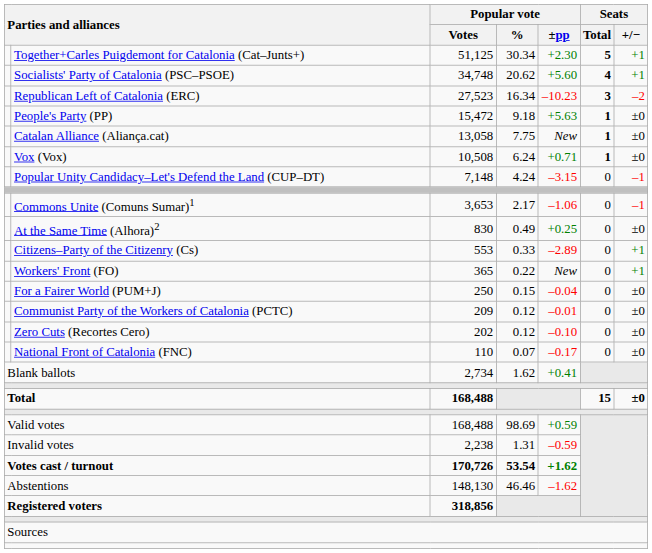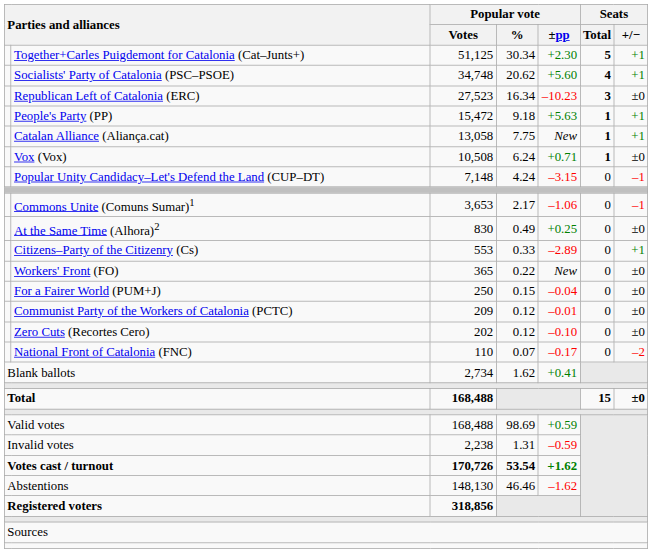 <table class="wikitable" style="text-align:right;">
 <tr>
 <th style="text-align:left;" rowspan="2" colspan="2" width="525">Parties and alliances</th>
 <th colspan="3">Popular vote</th>
 <th colspan="2">Seats</th>
 </tr>
 <tr>
 <th width="75">Votes</th>
 <th width="45">%</th>
 <th width="45">±<a href='#'>pp</a></th>
 <th width="35">Total</th>
 <th width="35">+/−</th>
 </tr>
 <tr>
 <td width="1" style="color:inherit;background:"></td>
 <td align="left"><a href='#'>Together+Carles Puigdemont for Catalonia</a> (Cat–Junts+)</td>
 <td>51,125</td>
 <td>30.34</td>
 <td style="color:green;">+2.30</td>
 <td><strong>5</strong></td>
 <td style="color:green;">+1</td>
 </tr>
 <tr>
 <td style="color:inherit;background:"></td>
 <td align="left"><a href='#'>Socialists' Party of Catalonia</a> (PSC–PSOE)</td>
 <td>34,748</td>
 <td>20.62</td>
 <td style="color:green;">+5.60</td>
 <td><strong>4</strong></td>
 <td style="color:green;">+1</td>
 </tr>
 <tr>
 <td style="color:inherit;background:"></td>
 <td align="left"><a href='#'>Republican Left of Catalonia</a> (ERC)</td>
 <td>27,523</td>
 <td>16.34</td>
 <td style="color:red;">–10.23</td>
 <td><strong>3</strong></td>
-<td style="color:red;">–2</td>
+<td>±0</td>
 </tr>
 <tr>
 <td style="color:inherit;background:"></td>
 <td align="left"><a href='#'>People's Party</a> (PP)</td>
 <td>15,472</td>
 <td>9.18</td>
 <td style="color:green;">+5.63</td>
 <td><strong>1</strong></td>
-<td>±0</td>
+<td style="color:green;">+1</td>
 </tr>
 <tr>
 <td style="color:inherit;background:"></td>
 <td align="left"><a href='#'>Catalan Alliance</a> (Aliança.cat)</td>
 <td>13,058</td>
 <td>7.75</td>
 <td><em>New</em></td>
 <td><strong>1</strong></td>
-<td>±0</td>
+<td style="color:green;">+1</td>
 </tr>
 <tr>
 <td style="color:inherit;background:"></td>
 <td align="left"><a href='#'>Vox</a> (Vox)</td>
 <td>10,508</td>
 <td>6.24</td>
 <td style="color:green;">+0.71</td>
 <td><strong>1</strong></td>
 <td>±0</td>
 </tr>
 <tr>
 <td style="color:inherit;background:"></td>
 <td align="left"><a href='#'>Popular Unity Candidacy–Let's Defend the Land</a> (CUP–DT)</td>
 <td>7,148</td>
 <td>4.24</td>
 <td style="color:red;">–3.15</td>
 <td>0</td>
 <td style="color:red;">–1</td>
 </tr>
 <tr>
 <td colspan="7" bgcolor="#C0C0C0"></td>
 </tr>
 <tr>
 <td style="color:inherit;background:"></td>
 <td align="left"><a href='#'>Commons Unite</a> (Comuns Sumar)<sup>1</sup></td>
 <td>3,653</td>
 <td>2.17</td>
 <td style="color:red;">–1.06</td>
 <td>0</td>
 <td style="color:red;">–1</td>
 </tr>
 <tr>
 <td style="color:inherit;background:"></td>
 <td align="left"><a href='#'>At the Same Time</a> (Alhora)<sup>2</sup></td>
 <td>830</td>
 <td>0.49</td>
 <td style="color:green;">+0.25</td>
 <td>0</td>
 <td>±0</td>
 </tr>
 <tr>
 <td style="color:inherit;background:"></td>
 <td align="left"><a href='#'>Citizens–Party of the Citizenry</a> (Cs)</td>
 <td>553</td>
 <td>0.33</td>
 <td style="color:red;">–2.89</td>
 <td>0</td>
 <td style="color:green;">+1</td>
 </tr>
 <tr>
 <td style="color:inherit;background:"></td>
 <td align="left"><a href='#'>Workers' Front</a> (FO)</td>
 <td>365</td>
 <td>0.22</td>
 <td><em>New</em></td>
 <td>0</td>
-<td style="color:green;">+1</td>
+<td>±0</td>
 </tr>
 <tr>
 <td style="color:inherit;background:"></td>
 <td align="left"><a href='#'>For a Fairer World</a> (PUM+J)</td>
 <td>250</td>
 <td>0.15</td>
 <td style="color:red;">–0.04</td>
 <td>0</td>
 <td>±0</td>
 </tr>
 <tr>
 <td style="color:inherit;background:"></td>
 <td align="left"><a href='#'>Communist Party of the Workers of Catalonia</a> (PCTC)</td>
 <td>209</td>
 <td>0.12</td>
 <td style="color:red;">–0.01</td>
 <td>0</td>
 <td>±0</td>
 </tr>
 <tr>
 <td style="color:inherit;background:"></td>
 <td align="left"><a href='#'>Zero Cuts</a> (Recortes Cero)</td>
 <td>202</td>
 <td>0.12</td>
 <td style="color:red;">–0.10</td>
 <td>0</td>
 <td>±0</td>
 </tr>
 <tr>
 <td style="color:inherit;background:"></td>
 <td align="left"><a href='#'>National Front of Catalonia</a> (FNC)</td>
 <td>110</td>
 <td>0.07</td>
 <td style="color:red;">–0.17</td>
 <td>0</td>
-<td>±0</td>
+<td style="color:red;">–2</td>
 </tr>
 <tr>
 <td align="left" colspan="2">Blank ballots</td>
 <td>2,734</td>
 <td>1.62</td>
 <td style="color:green;">+0.41</td>
 <td bgcolor="#E9E9E9" colspan="2"></td>
 </tr>
 <tr>
 <td colspan="7" bgcolor="#E9E9E9"></td>
 </tr>
 <tr style="font-weight:bold;">
 <td align="left" colspan="2">Total</td>
 <td>168,488</td>
 <td bgcolor="#E9E9E9" colspan="2"></td>
 <td>15</td>
 <td>±0</td>
 </tr>
 <tr>
 <td colspan="7" bgcolor="#E9E9E9"></td>
 </tr>
 <tr>
 <td align="left" colspan="2">Valid votes</td>
 <td>168,488</td>
 <td>98.69</td>
 <td style="color:green;">+0.59</td>
 <td bgcolor="#E9E9E9" colspan="2" rowspan="5"></td>
 </tr>
 <tr>
 <td align="left" colspan="2">Invalid votes</td>
 <td>2,238</td>
 <td>1.31</td>
 <td style="color:red;">–0.59</td>
 </tr>
 <tr style="font-weight:bold;">
 <td align="left" colspan="2">Votes cast / turnout</td>
 <td>170,726</td>
 <td>53.54</td>
 <td style="color:green;">+1.62</td>
 </tr>
 <tr>
 <td align="left" colspan="2">Abstentions</td>
 <td>148,130</td>
 <td>46.46</td>
 <td style="color:red;">–1.62</td>
 </tr>
 <tr style="font-weight:bold;">
 <td align="left" colspan="2">Registered voters</td>
 <td>318,856</td>
 <td bgcolor="#E9E9E9" colspan="2"></td>
 </tr>
 <tr>
 <td colspan="7" bgcolor="#E9E9E9"></td>
 </tr>
 <tr>
 <td align="left" colspan="7">Sources</td>
 </tr>
 <tr>
 <td colspan="7" style="text-align:left; max-width:790px;"></td>
 </tr>
 </table>
